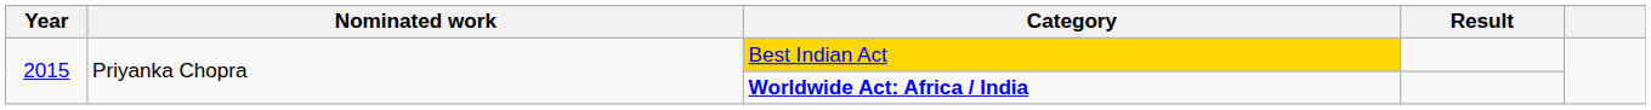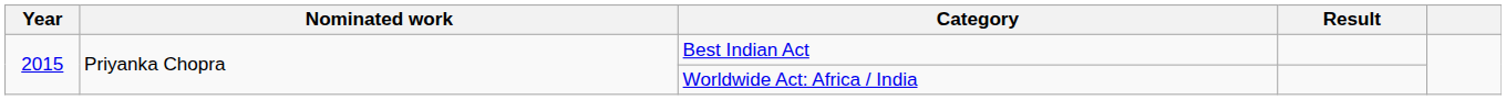 <table class="wikitable sortable" width=100%>
 <tr>
 <th width=5%>Year</th>
 <th width=40%>Nominated work</th>
 <th width=40%>Category</th>
 <th width=10%>Result</th>
 <th width=5%></th>
 </tr>
 <tr>
 <td rowspan="2" style="text-align:center;"><a href='#'>2015</a></td>
 <td rowspan="2" style="text-align:left;">Priyanka Chopra</td>
-<td style="background: gold;"><a href='#'>Best Indian Act</a></td>
+<td><a href='#'>Best Indian Act</a></td>
 <td></td>
 <td rowspan="2" style="text-align:center;"></td>
 </tr>
 <tr>
-<td><strong><a href='#'>Worldwide Act: Africa / India</a></strong></td>
+<td><a href='#'>Worldwide Act: Africa / India</a></td>
 <td></td>
 </tr>
 </table>
